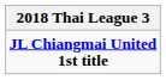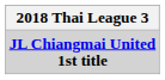 <table class=wikitable style="text-align:center; margin:auto">
 <tr>
 <th>2018 Thai League 3</th>
 </tr>
 <tr>
-<td><strong><a href='#'>JL Chiangmai United</a></strong><br><strong>1st title</strong></td>
+<td style="background: lightgrey;"><strong><a href='#'>JL Chiangmai United</a></strong><br><strong>1st title</strong></td>
 </tr>
 </table>
